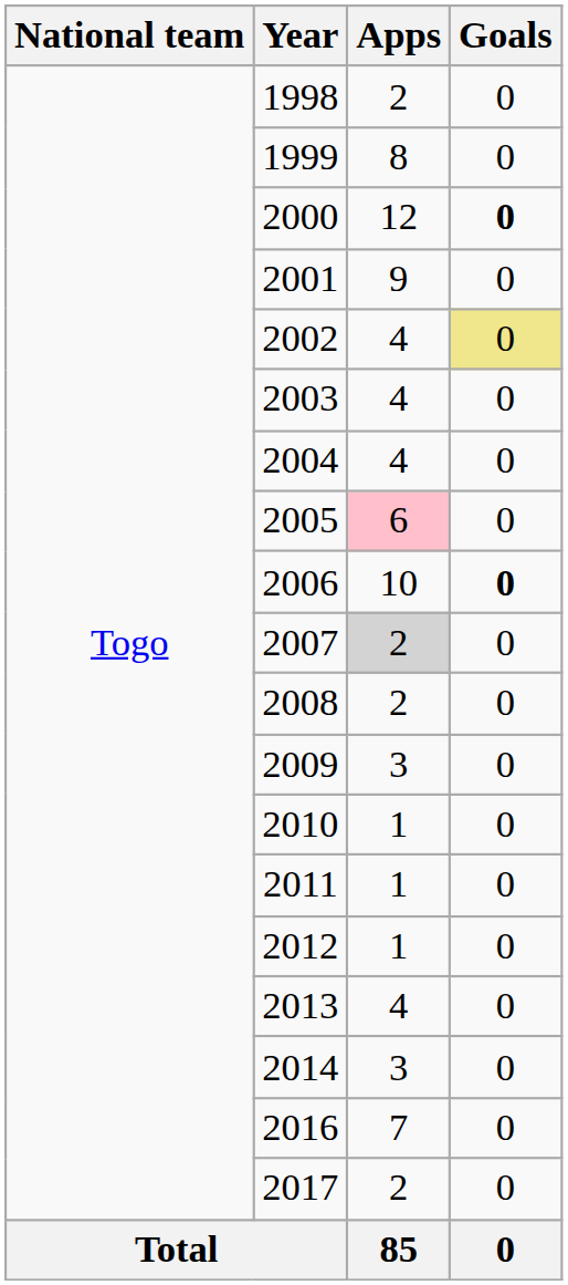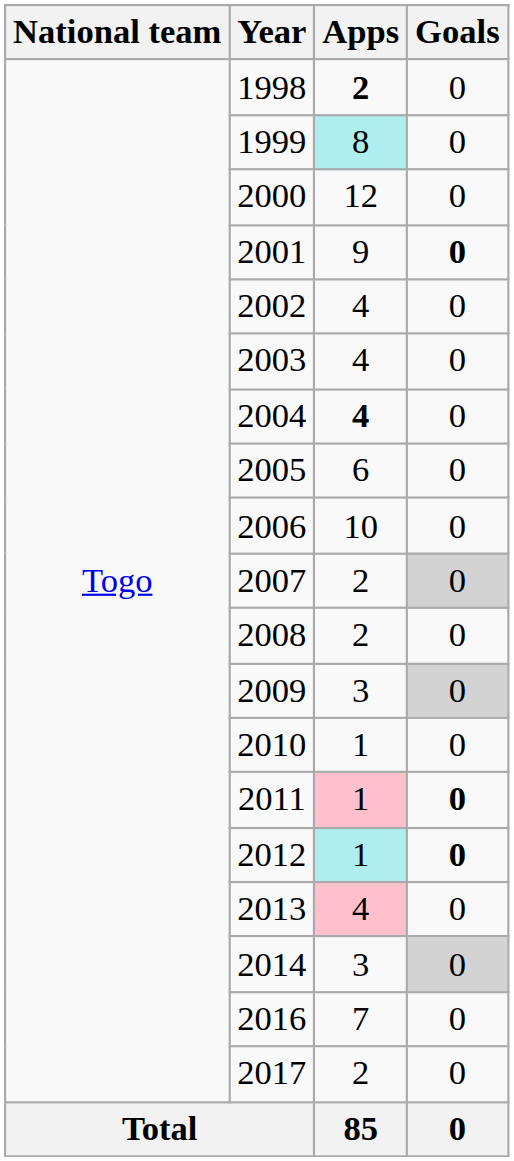 <table class="wikitable" style="text-align:center">
 <tr>
 <th>National team</th>
 <th>Year</th>
 <th>Apps</th>
 <th>Goals</th>
 </tr>
 <tr>
 <td rowspan="19"><a href='#'>Togo</a></td>
 <td>1998</td>
-<td>2</td>
+<td><strong>2</strong></td>
 <td>0</td>
 </tr>
 <tr>
 <td>1999</td>
-<td>8</td>
+<td style="background: paleturquoise;">8</td>
 <td>0</td>
 </tr>
 <tr>
 <td>2000</td>
 <td>12</td>
-<td><strong>0</strong></td>
+<td>0</td>
 </tr>
 <tr>
 <td>2001</td>
 <td>9</td>
-<td>0</td>
+<td><strong>0</strong></td>
 </tr>
 <tr>
 <td>2002</td>
 <td>4</td>
-<td style="background: khaki;">0</td>
+<td>0</td>
 </tr>
 <tr>
 <td>2003</td>
 <td>4</td>
 <td>0</td>
 </tr>
 <tr>
 <td>2004</td>
-<td>4</td>
+<td><strong>4</strong></td>
 <td>0</td>
 </tr>
 <tr>
 <td>2005</td>
-<td style="background: pink;">6</td>
+<td>6</td>
 <td>0</td>
 </tr>
 <tr>
 <td>2006</td>
 <td>10</td>
-<td><strong>0</strong></td>
+<td>0</td>
 </tr>
 <tr>
 <td>2007</td>
-<td style="background: lightgrey;">2</td>
-<td>0</td>
+<td>2</td>
+<td style="background: lightgrey;">0</td>
 </tr>
 <tr>
 <td>2008</td>
 <td>2</td>
 <td>0</td>
 </tr>
 <tr>
 <td>2009</td>
 <td>3</td>
-<td>0</td>
+<td style="background: lightgrey;">0</td>
 </tr>
 <tr>
 <td>2010</td>
 <td>1</td>
 <td>0</td>
 </tr>
 <tr>
 <td>2011</td>
-<td>1</td>
-<td>0</td>
+<td style="background: pink;">1</td>
+<td><strong>0</strong></td>
 </tr>
 <tr>
 <td>2012</td>
-<td>1</td>
-<td>0</td>
+<td style="background: paleturquoise;">1</td>
+<td><strong>0</strong></td>
 </tr>
 <tr>
 <td>2013</td>
-<td>4</td>
+<td style="background: pink;">4</td>
 <td>0</td>
 </tr>
 <tr>
 <td>2014</td>
 <td>3</td>
-<td>0</td>
+<td style="background: lightgrey;">0</td>
 </tr>
 <tr>
 <td>2016</td>
 <td>7</td>
 <td>0</td>
 </tr>
 <tr>
 <td>2017</td>
 <td>2</td>
 <td>0</td>
 </tr>
 <tr>
 <th colspan="2">Total</th>
 <th>85</th>
 <th>0</th>
 </tr>
 </table>
